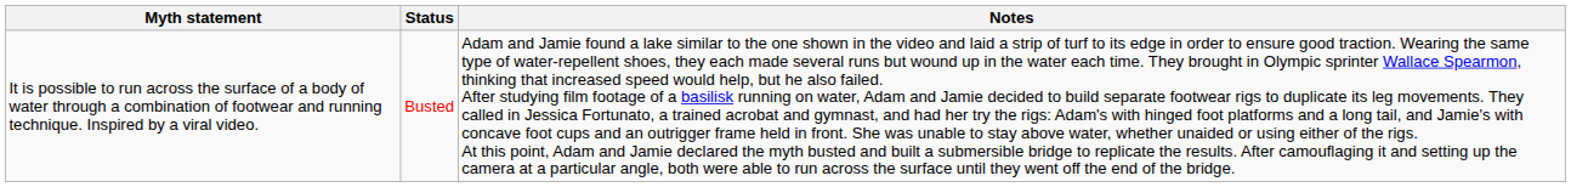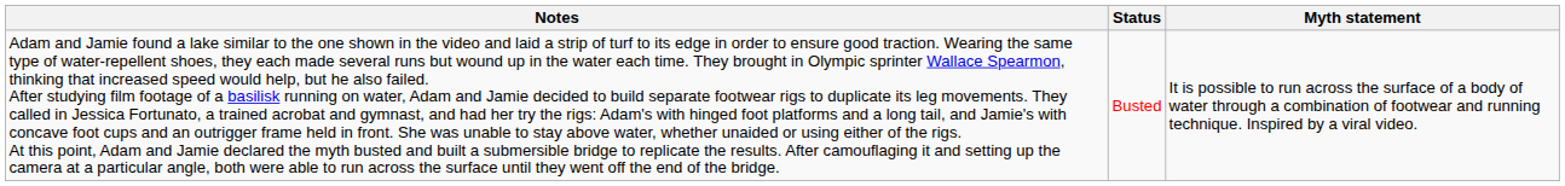 <table class="wikitable plainrowheaders">
 <tr>
+<th>Notes</th>
+<th>Status</th>
 <th>Myth statement</th>
-<th>Status</th>
-<th>Notes</th>
 </tr>
 <tr>
+<td>Adam and Jamie found a lake similar to the one shown in the video and laid a strip of turf to its edge in order to ensure good traction. Wearing the same type of water-repellent shoes, they each made several runs but wound up in the water each time. They brought in Olympic sprinter <a href='#'>Wallace Spearmon</a>, thinking that increased speed would help, but he also failed.<br>After studying film footage of a <a href='#'>basilisk</a> running on water, Adam and Jamie decided to build separate footwear rigs to duplicate its leg movements. They called in Jessica Fortunato, a trained acrobat and gymnast, and had her try the rigs: Adam's with hinged foot platforms and a long tail, and Jamie's with concave foot cups and an outrigger frame held in front. She was unable to stay above water, whether unaided or using either of the rigs.<br>At this point, Adam and Jamie declared the myth busted and built a submersible bridge to replicate the results. After camouflaging it and setting up the camera at a particular angle, both were able to run across the surface until they went off the end of the bridge.</td>
+<td style="color:red">Busted</td>
 <td>It is possible to run across the surface of a body of water through a combination of footwear and running technique. Inspired by a viral video.</td>
-<td style="color:red">Busted</td>
-<td>Adam and Jamie found a lake similar to the one shown in the video and laid a strip of turf to its edge in order to ensure good traction. Wearing the same type of water-repellent shoes, they each made several runs but wound up in the water each time. They brought in Olympic sprinter <a href='#'>Wallace Spearmon</a>, thinking that increased speed would help, but he also failed.<br>After studying film footage of a <a href='#'>basilisk</a> running on water, Adam and Jamie decided to build separate footwear rigs to duplicate its leg movements. They called in Jessica Fortunato, a trained acrobat and gymnast, and had her try the rigs: Adam's with hinged foot platforms and a long tail, and Jamie's with concave foot cups and an outrigger frame held in front. She was unable to stay above water, whether unaided or using either of the rigs.<br>At this point, Adam and Jamie declared the myth busted and built a submersible bridge to replicate the results. After camouflaging it and setting up the camera at a particular angle, both were able to run across the surface until they went off the end of the bridge.</td>
 </tr>
 </table>
